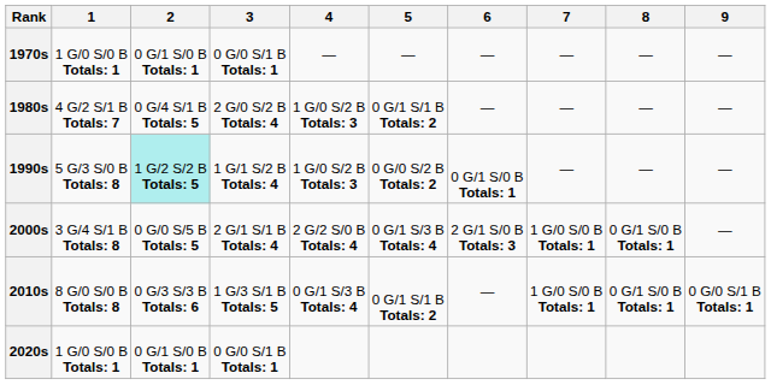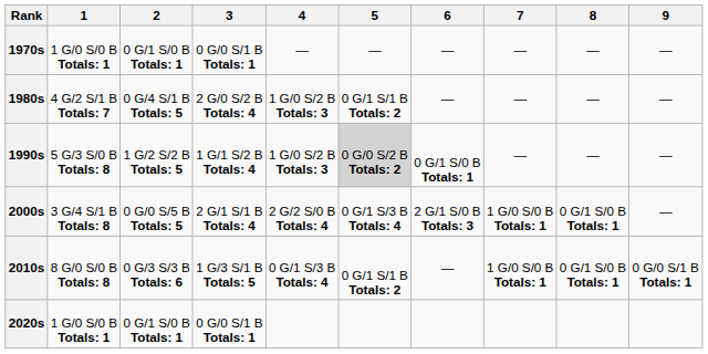 <table class="wikitable" style="text-align: center; font-size: 90%; margin-left: 1em;">
 <tr>
 <th>Rank</th>
 <th>1</th>
 <th>2</th>
 <th>3</th>
 <th>4</th>
 <th>5</th>
 <th>6</th>
 <th>7</th>
 <th>8</th>
 <th>9</th>
 </tr>
 <tr>
 <th>1970s</th>
 <td><br>1 G/0 S/0 B<br><strong>Totals: 1</strong></td>
 <td><br>0 G/1 S/0 B<br><strong>Totals: 1</strong></td>
 <td><br>0 G/0 S/1 B<br><strong>Totals: 1</strong></td>
 <td>—</td>
 <td>—</td>
 <td>—</td>
 <td>—</td>
 <td>—</td>
 <td>—</td>
 </tr>
 <tr>
 <th>1980s</th>
 <td><br>4 G/2 S/1 B<br><strong>Totals: 7</strong></td>
 <td><br>0 G/4 S/1 B<br><strong>Totals: 5</strong></td>
 <td><br>2 G/0 S/2 B<br><strong>Totals: 4</strong></td>
 <td><br>1 G/0 S/2 B<br><strong>Totals: 3</strong></td>
 <td><br>0 G/1 S/1 B<br><strong>Totals: 2</strong></td>
 <td>—</td>
 <td>—</td>
 <td>—</td>
 <td>—</td>
 </tr>
 <tr>
 <th>1990s</th>
 <td><br>5 G/3 S/0 B<br><strong>Totals: 8</strong></td>
-<td style="background: paleturquoise;"><br>1 G/2 S/2 B<br><strong>Totals: 5</strong></td>
+<td><br>1 G/2 S/2 B<br><strong>Totals: 5</strong></td>
 <td><br>1 G/1 S/2 B<br><strong>Totals: 4</strong></td>
 <td><br>1 G/0 S/2 B<br><strong>Totals: 3</strong></td>
-<td><br>0 G/0 S/2 B<br><strong>Totals: 2</strong></td>
+<td style="background: lightgrey;"><br>0 G/0 S/2 B<br><strong>Totals: 2</strong></td>
 <td><br><br>0 G/1 S/0 B<br><strong>Totals: 1</strong></td>
 <td>—</td>
 <td>—</td>
 <td>—</td>
 </tr>
 <tr>
 <th>2000s</th>
 <td><br>3 G/4 S/1 B<br><strong>Totals: 8</strong></td>
 <td><br>0 G/0 S/5 B<br><strong>Totals: 5</strong></td>
 <td><br>2 G/1 S/1 B<br><strong>Totals: 4</strong></td>
 <td><br>2 G/2 S/0 B<br><strong>Totals: 4</strong></td>
 <td><br>0 G/1 S/3 B<br><strong>Totals: 4</strong></td>
 <td><br>2 G/1 S/0 B<br><strong>Totals: 3</strong></td>
 <td><br>1 G/0 S/0 B<br><strong>Totals: 1</strong></td>
 <td><br>0 G/1 S/0 B<br><strong>Totals: 1</strong></td>
 <td>—</td>
 </tr>
 <tr>
 <th>2010s</th>
 <td><br>8 G/0 S/0 B<br><strong>Totals: 8</strong></td>
 <td><br>0 G/3 S/3 B<br><strong>Totals: 6</strong></td>
 <td><br>1 G/3 S/1 B<br><strong>Totals: 5</strong></td>
 <td><br>0 G/1 S/3 B<br><strong>Totals: 4</strong></td>
 <td><br><br>0 G/1 S/1 B<br><strong>Totals: 2</strong></td>
 <td>—</td>
 <td><br>1 G/0 S/0 B<br><strong>Totals: 1</strong></td>
 <td><br>0 G/1 S/0 B<br><strong>Totals: 1</strong></td>
 <td><br>0 G/0 S/1 B<br><strong>Totals: 1</strong></td>
 </tr>
 <tr>
 <th>2020s</th>
 <td><br>1 G/0 S/0 B<br><strong>Totals: 1</strong></td>
 <td><br>0 G/1 S/0 B<br><strong>Totals: 1</strong></td>
 <td><br>0 G/0 S/1 B<br><strong>Totals: 1</strong></td>
 <td></td>
 <td></td>
 <td></td>
 <td></td>
 <td></td>
 <td></td>
 </tr>
 </table>
